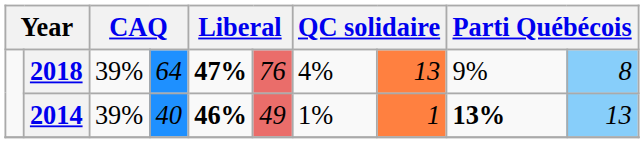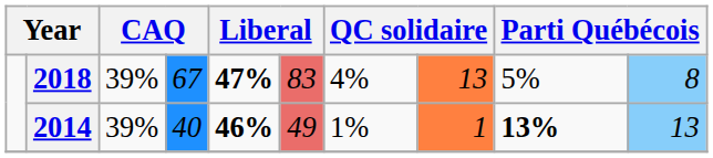 <table class="wikitable" style="float:right; width:400; font-size:90%; margin-left:1em;">
 <tr>
 <th colspan="2" scope="col">Year</th>
 <th colspan="2" scope="col"><a href='#'>CAQ</a></th>
 <th colspan="2" scope="col"><a href='#'>Liberal</a></th>
 <th colspan="2" scope="col"><a href='#'>QC solidaire</a></th>
 <th colspan="2" scope="col"><a href='#'>Parti Québécois</a></th>
 </tr>
 <tr>
 <td rowspan="2" style="width: 0.25em; background-color: "></td>
 <th><a href='#'>2018</a></th>
 <td>39%</td>
-<td style="text-align:right; background:#1E90FF;"><em>64</em></td>
+<td style="text-align:right; background:#1E90FF;"><em>67</em></td>
 <td><strong>47%</strong></td>
-<td style="text-align:right; background:#EA6D6A;"><em>76</em></td>
+<td style="text-align:right; background:#EA6D6A;"><em>83</em></td>
 <td>4%</td>
 <td style="text-align:right; background:#FF8040;"><em>13</em></td>
-<td>9%</td>
+<td>5%</td>
 <td style="text-align:right; background:#87CEFA;"><em>8</em></td>
 </tr>
 <tr>
 <th><a href='#'>2014</a></th>
 <td>39%</td>
 <td style="text-align:right; background:#1E90FF;"><em>40</em></td>
 <td><strong>46%</strong></td>
 <td style="text-align:right; background:#EA6D6A;"><em>49</em></td>
 <td>1%</td>
 <td style="text-align:right; background:#FF8040;"><em>1</em></td>
 <td><strong>13%</strong></td>
 <td style="text-align:right; background:#87CEFA;"><em>13</em></td>
 </tr>
 <tr>
 </tr>
 </table>
